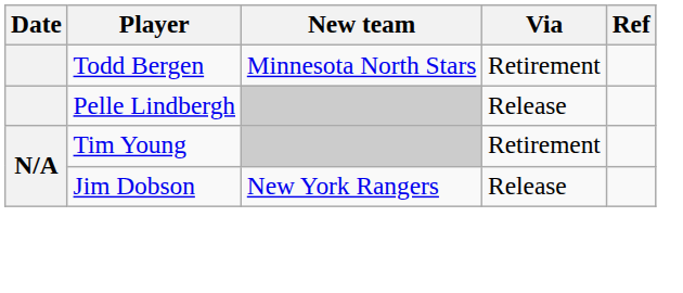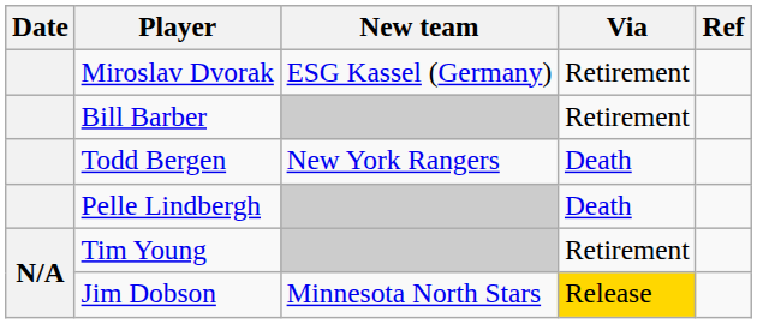 <table class="wikitable plainrowheaders">
 <tr style="background:#ddd; text-align:center;">
 <th>Date</th>
 <th>Player</th>
 <th>New team</th>
 <th>Via</th>
 <th>Ref</th>
 </tr>
 <tr>
 <th scope="row"></th>
+<td><a href='#'>Miroslav Dvorak</a></td>
+<td><a href='#'>ESG Kassel</a> (<a href='#'>Germany</a>)</td>
+<td>Retirement</td>
+<td></td>
+</tr>
+<tr>
+<th scope="row"></th>
+<td><a href='#'>Bill Barber</a></td>
+<td style="background:#ccc"></td>
+<td>Retirement</td>
+<td></td>
+</tr>
+<tr>
+<th scope="row"></th>
 <td><a href='#'>Todd Bergen</a></td>
-<td><a href='#'>Minnesota North Stars</a></td>
-<td>Retirement</td>
+<td><a href='#'>New York Rangers</a></td>
+<td><a href='#'>Death</a></td>
 <td></td>
 </tr>
 <tr>
 <th scope="row"></th>
 <td><a href='#'>Pelle Lindbergh</a></td>
 <td style="background:#ccc"></td>
-<td>Release</td>
+<td><a href='#'>Death</a></td>
 <td></td>
 </tr>
 <tr>
 <th scope="row" rowspan="2">N/A</th>
 <td><a href='#'>Tim Young</a></td>
 <td style="background:#ccc"></td>
 <td>Retirement</td>
 <td></td>
 </tr>
 <tr>
 <td><a href='#'>Jim Dobson</a></td>
-<td><a href='#'>New York Rangers</a></td>
-<td>Release</td>
+<td><a href='#'>Minnesota North Stars</a></td>
+<td style="background: gold;">Release</td>
 <td></td>
 </tr>
 </table>
